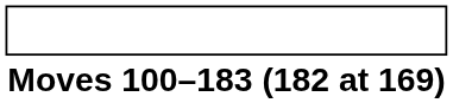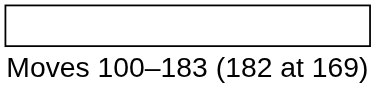 <table style="display:inline; display:inline-table;">
 <tr>
 <td style="border: solid thin; padding: 2px;"><br></td>
 </tr>
 <tr>
-<td style="text-align:center"><strong>Moves 100–183 (182 at 169)</strong></td>
+<td style="text-align:center">Moves 100–183 (182 at 169)</td>
 </tr>
 </table>
